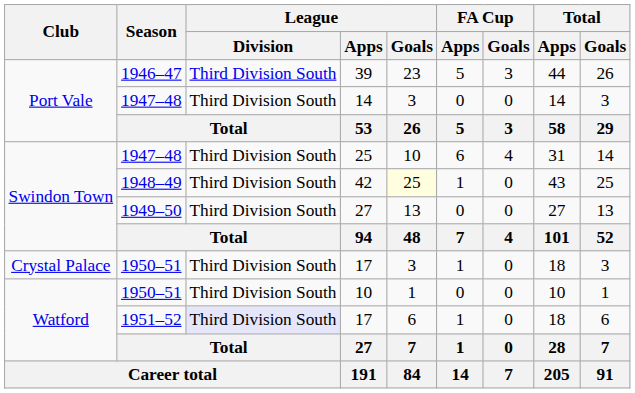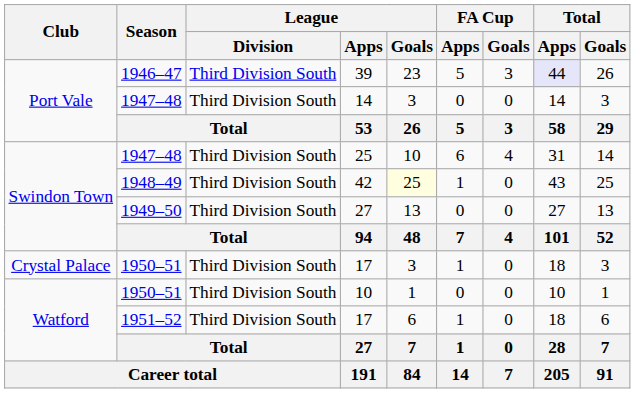 <table class="wikitable" style="text-align: center;">
 <tr>
 <th rowspan="2">Club</th>
 <th rowspan="2">Season</th>
 <th colspan="3">League</th>
 <th colspan="2">FA Cup</th>
 <th colspan="2">Total</th>
 </tr>
 <tr>
 <th>Division</th>
 <th>Apps</th>
 <th>Goals</th>
 <th>Apps</th>
 <th>Goals</th>
 <th>Apps</th>
 <th>Goals</th>
 </tr>
 <tr>
 <td rowspan="3"><a href='#'>Port Vale</a></td>
 <td><a href='#'>1946–47</a></td>
 <td><a href='#'>Third Division South</a></td>
 <td>39</td>
 <td>23</td>
 <td>5</td>
 <td>3</td>
-<td>44</td>
+<td style="background: lavender;">44</td>
 <td>26</td>
 </tr>
 <tr>
 <td><a href='#'>1947–48</a></td>
 <td>Third Division South</td>
 <td>14</td>
 <td>3</td>
 <td>0</td>
 <td>0</td>
 <td>14</td>
 <td>3</td>
 </tr>
 <tr>
 <th colspan="2">Total</th>
 <th>53</th>
 <th>26</th>
 <th>5</th>
 <th>3</th>
 <th>58</th>
 <th>29</th>
 </tr>
 <tr>
 <td rowspan="4"><a href='#'>Swindon Town</a></td>
 <td><a href='#'>1947–48</a></td>
 <td>Third Division South</td>
 <td>25</td>
 <td>10</td>
 <td>6</td>
 <td>4</td>
 <td>31</td>
 <td>14</td>
 </tr>
 <tr>
 <td><a href='#'>1948–49</a></td>
 <td>Third Division South</td>
 <td>42</td>
 <td style="background: lightyellow;">25</td>
 <td>1</td>
 <td>0</td>
 <td>43</td>
 <td>25</td>
 </tr>
 <tr>
 <td><a href='#'>1949–50</a></td>
 <td>Third Division South</td>
 <td>27</td>
 <td>13</td>
 <td>0</td>
 <td>0</td>
 <td>27</td>
 <td>13</td>
 </tr>
 <tr>
 <th colspan="2">Total</th>
 <th>94</th>
 <th>48</th>
 <th>7</th>
 <th>4</th>
 <th>101</th>
 <th>52</th>
 </tr>
 <tr>
 <td><a href='#'>Crystal Palace</a></td>
 <td><a href='#'>1950–51</a></td>
 <td>Third Division South</td>
 <td>17</td>
 <td>3</td>
 <td>1</td>
 <td>0</td>
 <td>18</td>
 <td>3</td>
 </tr>
 <tr>
 <td rowspan="3"><a href='#'>Watford</a></td>
 <td><a href='#'>1950–51</a></td>
 <td>Third Division South</td>
 <td>10</td>
 <td>1</td>
 <td>0</td>
 <td>0</td>
 <td>10</td>
 <td>1</td>
 </tr>
 <tr>
 <td><a href='#'>1951–52</a></td>
-<td style="background: lavender;">Third Division South</td>
+<td>Third Division South</td>
 <td>17</td>
 <td>6</td>
 <td>1</td>
 <td>0</td>
 <td>18</td>
 <td>6</td>
 </tr>
 <tr>
 <th colspan="2">Total</th>
 <th>27</th>
 <th>7</th>
 <th>1</th>
 <th>0</th>
 <th>28</th>
 <th>7</th>
 </tr>
 <tr>
 <th colspan="3">Career total</th>
 <th>191</th>
 <th>84</th>
 <th>14</th>
 <th>7</th>
 <th>205</th>
 <th>91</th>
 </tr>
 </table>
